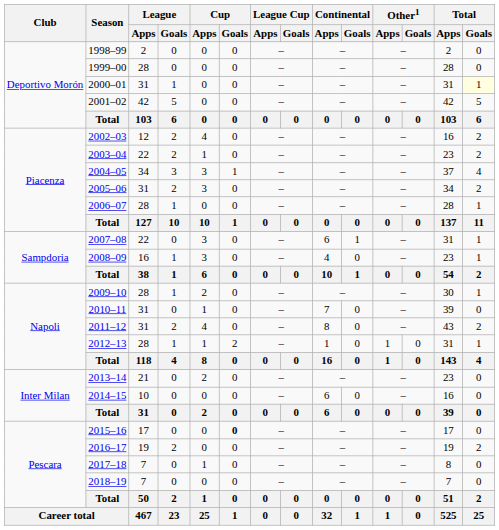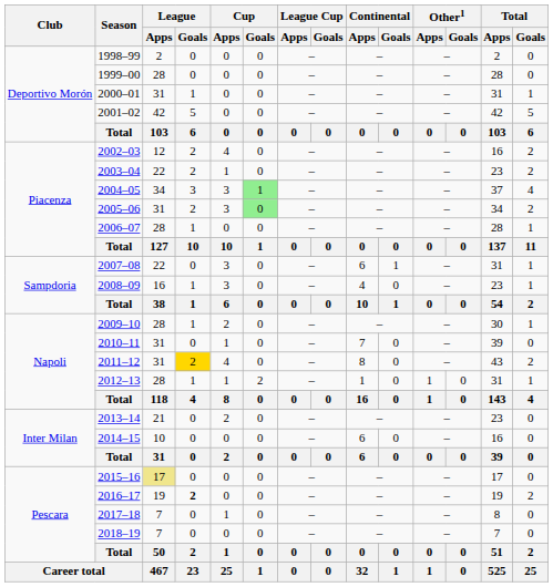 <table class="wikitable" style="text-align:center">
 <tr>
 <th rowspan="2">Club</th>
 <th rowspan="2">Season</th>
 <th colspan="2">League</th>
 <th colspan="2">Cup</th>
 <th colspan="2">League Cup</th>
 <th colspan="2">Continental</th>
 <th colspan="2">Other<sup>1</sup></th>
 <th colspan="2">Total</th>
 </tr>
 <tr>
 <th>Apps</th>
 <th>Goals</th>
 <th>Apps</th>
 <th>Goals</th>
 <th>Apps</th>
 <th>Goals</th>
 <th>Apps</th>
 <th>Goals</th>
 <th>Apps</th>
 <th>Goals</th>
 <th>Apps</th>
 <th>Goals</th>
 </tr>
 <tr>
 <td rowspan="5"><a href='#'>Deportivo Morón</a></td>
 <td>1998–99</td>
 <td>2</td>
 <td>0</td>
 <td>0</td>
 <td>0</td>
 <td colspan="2">–</td>
 <td colspan="2">–</td>
 <td colspan="2">–</td>
 <td>2</td>
 <td>0</td>
 </tr>
 <tr>
 <td>1999–00</td>
 <td>28</td>
 <td>0</td>
 <td>0</td>
 <td>0</td>
 <td colspan="2">–</td>
 <td colspan="2">–</td>
 <td colspan="2">–</td>
 <td>28</td>
 <td>0</td>
 </tr>
 <tr>
 <td>2000–01</td>
 <td>31</td>
 <td>1</td>
 <td>0</td>
 <td>0</td>
 <td colspan="2">–</td>
 <td colspan="2">–</td>
 <td colspan="2">–</td>
 <td>31</td>
-<td style="background: lightyellow;">1</td>
+<td>1</td>
 </tr>
 <tr>
 <td>2001–02</td>
 <td>42</td>
 <td>5</td>
 <td>0</td>
 <td>0</td>
 <td colspan="2">–</td>
 <td colspan="2">–</td>
 <td colspan="2">–</td>
 <td>42</td>
 <td>5</td>
 </tr>
 <tr>
 <th colspan="1">Total</th>
 <th>103</th>
 <th>6</th>
 <th>0</th>
 <th>0</th>
 <th>0</th>
 <th>0</th>
 <th>0</th>
 <th>0</th>
 <th>0</th>
 <th>0</th>
 <th>103</th>
 <th>6</th>
 </tr>
 <tr>
 <td rowspan="6"><a href='#'>Piacenza</a></td>
 <td><a href='#'>2002–03</a></td>
 <td>12</td>
 <td>2</td>
 <td>4</td>
 <td>0</td>
 <td colspan="2">–</td>
 <td colspan="2">–</td>
 <td colspan="2">–</td>
 <td>16</td>
 <td>2</td>
 </tr>
 <tr>
 <td><a href='#'>2003–04</a></td>
 <td>22</td>
 <td>2</td>
 <td>1</td>
 <td>0</td>
 <td colspan="2">–</td>
 <td colspan="2">–</td>
 <td colspan="2">–</td>
 <td>23</td>
 <td>2</td>
 </tr>
 <tr>
 <td><a href='#'>2004–05</a></td>
 <td>34</td>
 <td>3</td>
 <td>3</td>
-<td>1</td>
+<td style="background: lightgreen;">1</td>
 <td colspan="2">–</td>
 <td colspan="2">–</td>
 <td colspan="2">–</td>
 <td>37</td>
 <td>4</td>
 </tr>
 <tr>
 <td><a href='#'>2005–06</a></td>
 <td>31</td>
 <td>2</td>
 <td>3</td>
-<td>0</td>
+<td style="background: lightgreen;">0</td>
 <td colspan="2">–</td>
 <td colspan="2">–</td>
 <td colspan="2">–</td>
 <td>34</td>
 <td>2</td>
 </tr>
 <tr>
 <td><a href='#'>2006–07</a></td>
 <td>28</td>
 <td>1</td>
 <td>0</td>
 <td>0</td>
 <td colspan="2">–</td>
 <td colspan="2">–</td>
 <td colspan="2">–</td>
 <td>28</td>
 <td>1</td>
 </tr>
 <tr>
 <th colspan="1">Total</th>
 <th>127</th>
 <th>10</th>
 <th>10</th>
 <th>1</th>
 <th>0</th>
 <th>0</th>
 <th>0</th>
 <th>0</th>
 <th>0</th>
 <th>0</th>
 <th>137</th>
 <th>11</th>
 </tr>
 <tr>
 <td rowspan="3"><a href='#'>Sampdoria</a></td>
 <td><a href='#'>2007–08</a></td>
 <td>22</td>
 <td>0</td>
 <td>3</td>
 <td>0</td>
 <td colspan="2">–</td>
 <td>6</td>
 <td>1</td>
 <td colspan="2">–</td>
 <td>31</td>
 <td>1</td>
 </tr>
 <tr>
 <td><a href='#'>2008–09</a></td>
 <td>16</td>
 <td>1</td>
 <td>3</td>
 <td>0</td>
 <td colspan="2">–</td>
 <td>4</td>
 <td>0</td>
 <td colspan="2">–</td>
 <td>23</td>
 <td>1</td>
 </tr>
 <tr>
 <th colspan="1">Total</th>
 <th>38</th>
 <th>1</th>
 <th>6</th>
 <th>0</th>
 <th>0</th>
 <th>0</th>
 <th>10</th>
 <th>1</th>
 <th>0</th>
 <th>0</th>
 <th>54</th>
 <th>2</th>
 </tr>
 <tr>
 <td rowspan="5"><a href='#'>Napoli</a></td>
 <td><a href='#'>2009–10</a></td>
 <td>28</td>
 <td>1</td>
 <td>2</td>
 <td>0</td>
 <td colspan="2">–</td>
 <td colspan="2">–</td>
 <td colspan="2">–</td>
 <td>30</td>
 <td>1</td>
 </tr>
 <tr>
 <td><a href='#'>2010–11</a></td>
 <td>31</td>
 <td>0</td>
 <td>1</td>
 <td>0</td>
 <td colspan="2">–</td>
 <td>7</td>
 <td>0</td>
 <td colspan="2">–</td>
 <td>39</td>
 <td>0</td>
 </tr>
 <tr>
 <td><a href='#'>2011–12</a></td>
 <td>31</td>
-<td>2</td>
+<td style="background: gold;">2</td>
 <td>4</td>
 <td>0</td>
 <td colspan="2">–</td>
 <td>8</td>
 <td>0</td>
 <td colspan="2">–</td>
 <td>43</td>
 <td>2</td>
 </tr>
 <tr>
 <td><a href='#'>2012–13</a></td>
 <td>28</td>
 <td>1</td>
 <td>1</td>
 <td>2</td>
 <td colspan="2">–</td>
 <td>1</td>
 <td>0</td>
 <td>1</td>
 <td>0</td>
 <td>31</td>
 <td>1</td>
 </tr>
 <tr>
 <th colspan="1">Total</th>
 <th>118</th>
 <th>4</th>
 <th>8</th>
 <th>0</th>
 <th>0</th>
 <th>0</th>
 <th>16</th>
 <th>0</th>
 <th>1</th>
 <th>0</th>
 <th>143</th>
 <th>4</th>
 </tr>
 <tr>
 <td rowspan="3"><a href='#'>Inter Milan</a></td>
 <td><a href='#'>2013–14</a></td>
 <td>21</td>
 <td>0</td>
 <td>2</td>
 <td>0</td>
 <td colspan="2">–</td>
 <td colspan="2">–</td>
 <td colspan="2">–</td>
 <td>23</td>
 <td>0</td>
 </tr>
 <tr>
 <td><a href='#'>2014–15</a></td>
 <td>10</td>
 <td>0</td>
 <td>0</td>
 <td>0</td>
 <td colspan="2">–</td>
 <td>6</td>
 <td>0</td>
 <td colspan="2">–</td>
 <td>16</td>
 <td>0</td>
 </tr>
 <tr>
 <th colspan="1">Total</th>
 <th>31</th>
 <th>0</th>
 <th>2</th>
 <th>0</th>
 <th>0</th>
 <th>0</th>
 <th>6</th>
 <th>0</th>
 <th>0</th>
 <th>0</th>
 <th>39</th>
 <th>0</th>
 </tr>
 <tr>
 <td rowspan="5"><a href='#'>Pescara</a></td>
 <td><a href='#'>2015–16</a></td>
-<td>17</td>
+<td style="background: khaki;">17</td>
 <td>0</td>
 <td>0</td>
-<td><strong>0</strong></td>
+<td>0</td>
 <td colspan="2">–</td>
 <td colspan="2">–</td>
 <td colspan="2">–</td>
 <td>17</td>
 <td>0</td>
 </tr>
 <tr>
 <td><a href='#'>2016–17</a></td>
 <td>19</td>
-<td>2</td>
+<td><strong>2</strong></td>
 <td>0</td>
 <td>0</td>
 <td colspan="2">–</td>
 <td colspan="2">–</td>
 <td colspan="2">–</td>
 <td>19</td>
 <td>2</td>
 </tr>
 <tr>
 <td><a href='#'>2017–18</a></td>
 <td>7</td>
 <td>0</td>
 <td>1</td>
 <td>0</td>
 <td colspan="2">–</td>
 <td colspan="2">–</td>
 <td colspan="2">–</td>
 <td>8</td>
 <td>0</td>
 </tr>
 <tr>
 <td><a href='#'>2018–19</a></td>
 <td>7</td>
 <td>0</td>
 <td>0</td>
 <td>0</td>
 <td colspan="2">–</td>
 <td colspan="2">–</td>
 <td colspan="2">–</td>
 <td>7</td>
 <td>0</td>
 </tr>
 <tr>
 <th colspan="1">Total</th>
 <th>50</th>
 <th>2</th>
 <th>1</th>
 <th>0</th>
 <th>0</th>
 <th>0</th>
 <th>0</th>
 <th>0</th>
 <th>0</th>
 <th>0</th>
 <th>51</th>
 <th>2</th>
 </tr>
 <tr>
 <th colspan="2">Career total</th>
 <th>467</th>
 <th>23</th>
 <th>25</th>
 <th>1</th>
 <th>0</th>
 <th>0</th>
 <th>32</th>
 <th>1</th>
 <th>1</th>
 <th>0</th>
 <th>525</th>
 <th>25</th>
 </tr>
 </table>
